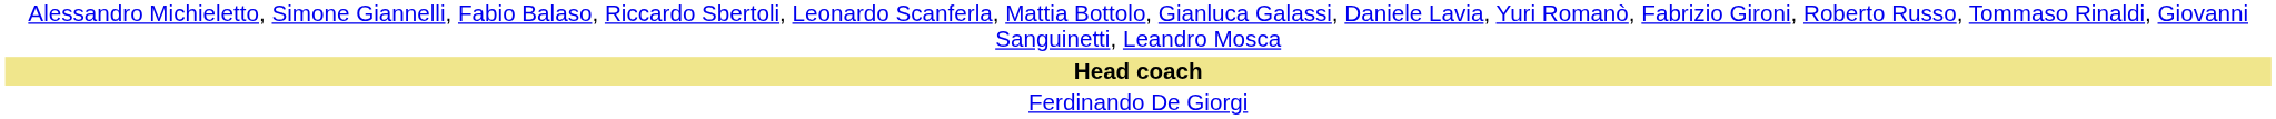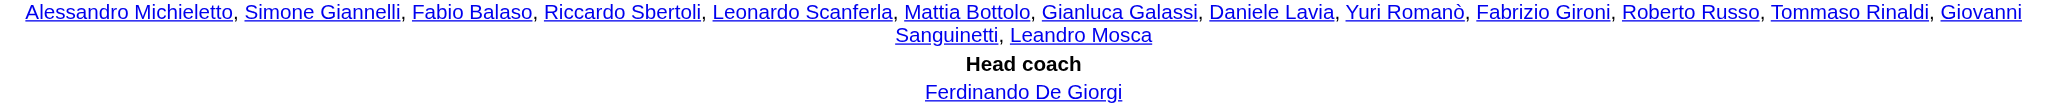 <table style="text-align: center; margin-top: 2em; margin-left: a8uto; margin-right: auto">
 <tr>
 <td><a href='#'>Alessandro Michieletto</a>, <a href='#'>Simone Giannelli</a>, <a href='#'>Fabio Balaso</a>, <a href='#'>Riccardo Sbertoli</a>, <a href='#'>Leonardo Scanferla</a>, <a href='#'>Mattia Bottolo</a>, <a href='#'>Gianluca Galassi</a>, <a href='#'>Daniele Lavia</a>, <a href='#'>Yuri Romanò</a>, <a href='#'>Fabrizio Gironi</a>, <a href='#'>Roberto Russo</a>, <a href='#'>Tommaso Rinaldi</a>, <a href='#'>Giovanni Sanguinetti</a>, <a href='#'>Leandro Mosca</a></td>
 </tr>
 <tr>
-<td style="background: khaki;"><strong>Head coach</strong></td>
+<td><strong>Head coach</strong></td>
 </tr>
 <tr>
 <td><a href='#'>Ferdinando De Giorgi</a></td>
 </tr>
 </table>
